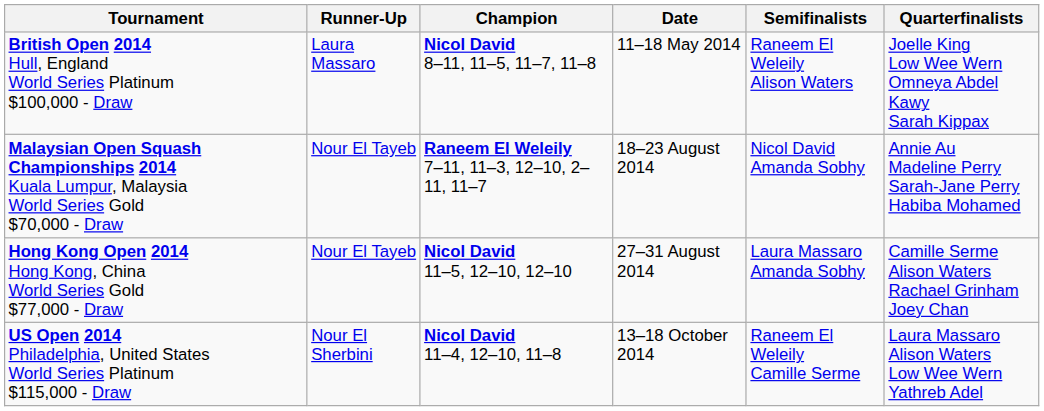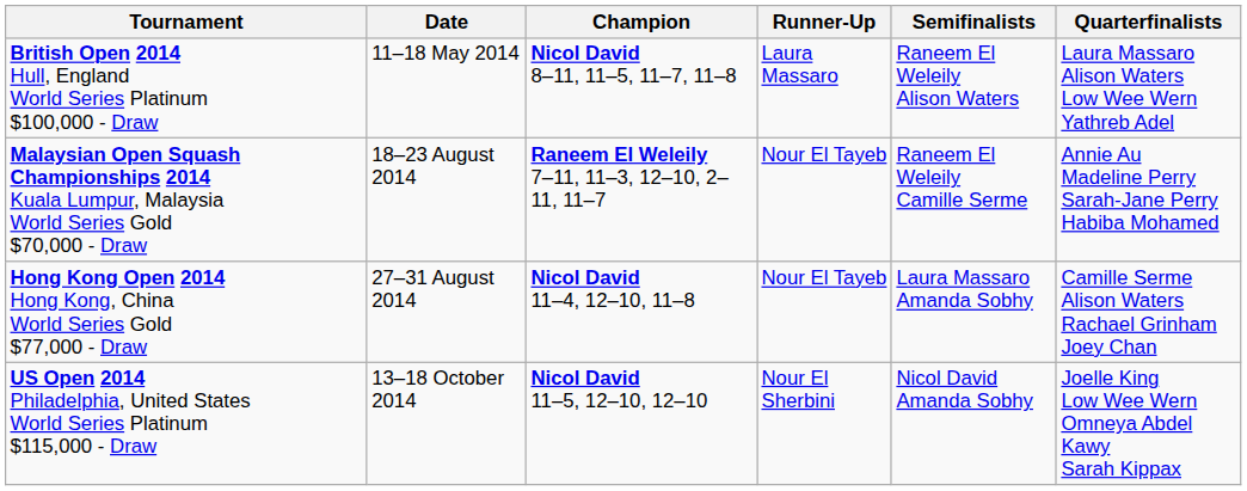 <table class="wikitable" style="font-size:88%">
 <tr>
 <th>Tournament</th>
+<th>Date</th>
+<th>Champion</th>
 <th>Runner-Up</th>
-<th>Champion</th>
-<th>Date</th>
 <th>Semifinalists</th>
 <th>Quarterfinalists</th>
 </tr>
 <tr valign=top>
 <td><strong><a href='#'>British Open</a> <a href='#'>2014</a></strong><br> <a href='#'>Hull</a>, England<br><a href='#'>World Series</a> Platinum<br>$100,000 - <a href='#'>Draw</a></td>
+<td>11–18 May 2014</td>
+<td> <strong><a href='#'>Nicol David</a></strong><br>8–11, 11–5, 11–7, 11–8</td>
 <td> <a href='#'>Laura Massaro</a></td>
-<td> <strong><a href='#'>Nicol David</a></strong><br>8–11, 11–5, 11–7, 11–8</td>
-<td>11–18 May 2014</td>
 <td> <a href='#'>Raneem El Weleily</a><br> <a href='#'>Alison Waters</a></td>
-<td> <a href='#'>Joelle King</a><br> <a href='#'>Low Wee Wern</a><br> <a href='#'>Omneya Abdel Kawy</a><br> <a href='#'>Sarah Kippax</a></td>
+<td> <a href='#'>Laura Massaro</a><br> <a href='#'>Alison Waters</a><br> <a href='#'>Low Wee Wern</a><br> <a href='#'>Yathreb Adel</a></td>
 </tr>
 <tr valign=top>
 <td><strong><a href='#'>Malaysian Open Squash Championships</a> <a href='#'>2014</a></strong><br> <a href='#'>Kuala Lumpur</a>, Malaysia<br><a href='#'>World Series</a> Gold<br>$70,000 - <a href='#'>Draw</a></td>
+<td>18–23 August 2014</td>
+<td> <strong><a href='#'>Raneem El Weleily</a></strong><br>7–11, 11–3, 12–10, 2–11, 11–7</td>
 <td> <a href='#'>Nour El Tayeb</a></td>
-<td> <strong><a href='#'>Raneem El Weleily</a></strong><br>7–11, 11–3, 12–10, 2–11, 11–7</td>
-<td>18–23 August 2014</td>
-<td> <a href='#'>Nicol David</a><br>  <a href='#'>Amanda Sobhy</a></td>
+<td> <a href='#'>Raneem El Weleily</a><br> <a href='#'>Camille Serme</a></td>
 <td> <a href='#'>Annie Au</a><br> <a href='#'>Madeline Perry</a><br> <a href='#'>Sarah-Jane Perry</a><br> <a href='#'>Habiba Mohamed</a></td>
 </tr>
 <tr valign=top>
 <td><strong><a href='#'>Hong Kong Open</a> <a href='#'>2014</a></strong><br> <a href='#'>Hong Kong</a>, China<br><a href='#'>World Series</a> Gold<br>$77,000 - <a href='#'>Draw</a></td>
+<td>27–31 August 2014</td>
+<td> <strong><a href='#'>Nicol David</a></strong><br>11–4, 12–10, 11–8</td>
 <td> <a href='#'>Nour El Tayeb</a></td>
-<td> <strong><a href='#'>Nicol David</a></strong><br>11–5, 12–10, 12–10</td>
-<td>27–31 August 2014</td>
 <td> <a href='#'>Laura Massaro</a><br> <a href='#'>Amanda Sobhy</a></td>
 <td> <a href='#'>Camille Serme</a><br> <a href='#'>Alison Waters</a><br> <a href='#'>Rachael Grinham</a><br> <a href='#'>Joey Chan</a></td>
 </tr>
 <tr valign=top>
 <td><strong><a href='#'>US Open</a> <a href='#'>2014</a></strong><br> <a href='#'>Philadelphia</a>, United States<br><a href='#'>World Series</a> Platinum<br>$115,000 - <a href='#'>Draw</a></td>
+<td>13–18 October 2014</td>
+<td> <strong><a href='#'>Nicol David</a></strong><br>11–5, 12–10, 12–10</td>
 <td>  <a href='#'>Nour El Sherbini</a></td>
-<td> <strong><a href='#'>Nicol David</a></strong><br>11–4, 12–10, 11–8</td>
-<td>13–18 October 2014</td>
-<td> <a href='#'>Raneem El Weleily</a><br> <a href='#'>Camille Serme</a></td>
-<td> <a href='#'>Laura Massaro</a><br> <a href='#'>Alison Waters</a><br> <a href='#'>Low Wee Wern</a><br> <a href='#'>Yathreb Adel</a></td>
+<td> <a href='#'>Nicol David</a><br>  <a href='#'>Amanda Sobhy</a></td>
+<td> <a href='#'>Joelle King</a><br> <a href='#'>Low Wee Wern</a><br> <a href='#'>Omneya Abdel Kawy</a><br> <a href='#'>Sarah Kippax</a></td>
 </tr>
 </table>
